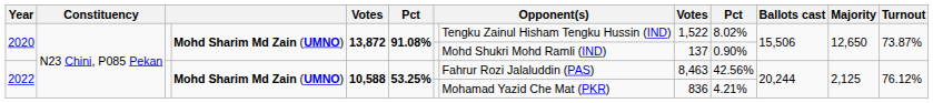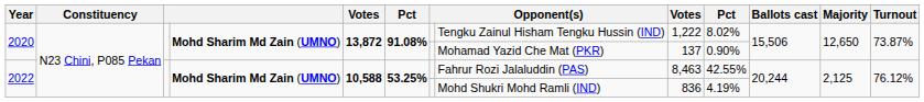 <table class="wikitable" style="margin:0.5em ; font-size:95%">
 <tr>
 <th>Year</th>
 <th>Constituency</th>
 <th colspan=2></th>
 <th>Votes</th>
 <th>Pct</th>
 <th colspan=2>Opponent(s)</th>
 <th>Votes</th>
 <th>Pct</th>
 <th>Ballots cast</th>
 <th>Majority</th>
 <th>Turnout</th>
 </tr>
 <tr>
 <td rowspan=2><a href='#'>2020</a></td>
 <td rowspan=4>N23 <a href='#'>Chini</a>, P085 <a href='#'>Pekan</a></td>
 <td rowspan=2 ></td>
 <td rowspan=2><strong>Mohd Sharim Md Zain</strong> (<a href='#'><strong>UMNO</strong></a>)</td>
 <td rowspan=2 align="right"><strong>13,872</strong></td>
 <td rowspan=2><strong>91.08%</strong></td>
 <td></td>
 <td>Tengku Zainul Hisham Tengku Hussin (<a href='#'>IND</a>)</td>
-<td align="right">1,522</td>
+<td align="right">1,222</td>
 <td>8.02%</td>
 <td rowspan=2>15,506</td>
 <td rowspan=2>12,650</td>
 <td rowspan=2>73.87%</td>
 </tr>
 <tr>
 <td></td>
-<td>Mohd Shukri Mohd Ramli (<a href='#'>IND</a>)</td>
+<td>Mohamad Yazid Che Mat (<a href='#'>PKR</a>)</td>
 <td align="right">137</td>
 <td>0.90%</td>
 </tr>
 <tr>
 <td rowspan=2><a href='#'>2022</a></td>
 <td rowspan=2 ></td>
 <td rowspan=2><strong>Mohd Sharim Md Zain</strong> (<a href='#'><strong>UMNO</strong></a>)</td>
 <td rowspan=2 align="right"><strong>10,588</strong></td>
 <td rowspan=2><strong>53.25%</strong></td>
 <td></td>
 <td>Fahrur Rozi Jalaluddin (<a href='#'>PAS</a>)</td>
 <td align="right">8,463</td>
-<td>42.56%</td>
+<td>42.55%</td>
 <td rowspan=2>20,244</td>
 <td rowspan=2>2,125</td>
 <td rowspan=2>76.12%</td>
 </tr>
 <tr>
 <td></td>
-<td>Mohamad Yazid Che Mat (<a href='#'>PKR</a>)</td>
+<td>Mohd Shukri Mohd Ramli (<a href='#'>IND</a>)</td>
 <td align="right">836</td>
-<td>4.21%</td>
+<td>4.19%</td>
 </tr>
 </table>
